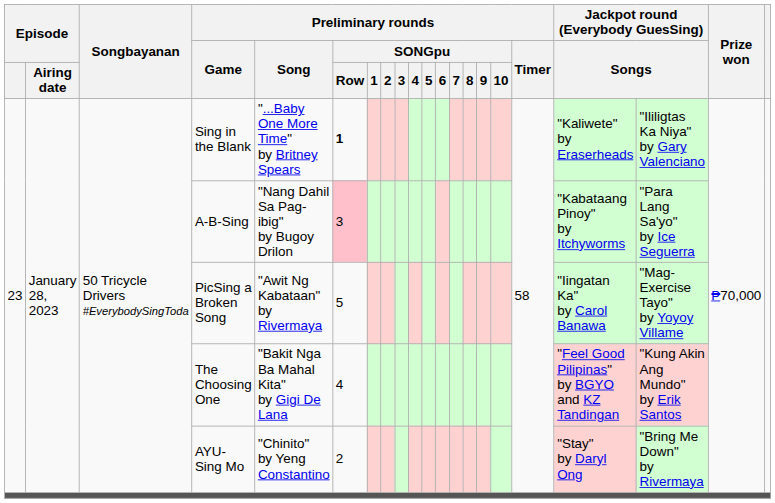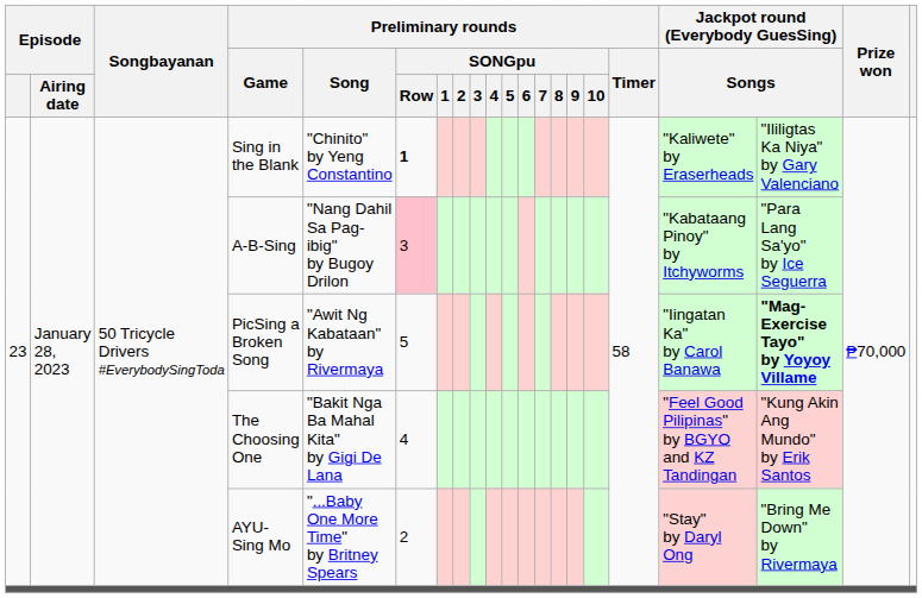 <table class="wikitable plainrowheaders mw-collapsible ">
 <tr>
 <th colspan="2" rowspan="2">Episode</th>
 <th rowspan="3">Songbayanan</th>
 <th colspan="14">Preliminary rounds</th>
 <th colspan="2">Jackpot round<br>(Everybody GuesSing)</th>
 <th rowspan="3">Prize won</th>
 <th rowspan="3"></th>
 </tr>
 <tr>
 <th rowspan="2">Game</th>
 <th rowspan="2">Song</th>
 <th colspan="11">SONGpu</th>
 <th rowspan="2">Timer</th>
 <th colspan="2" rowspan="2">Songs</th>
 </tr>
 <tr>
 <th></th>
 <th>Airing date</th>
 <th>Row</th>
 <th>1</th>
 <th>2</th>
 <th>3</th>
 <th>4</th>
 <th>5</th>
 <th>6</th>
 <th>7</th>
 <th>8</th>
 <th>9</th>
 <th>10</th>
 </tr>
 <tr>
 <td rowspan="5">23</td>
 <td rowspan="5">January 28, 2023</td>
 <td rowspan="5">50 Tricycle Drivers<br><small><em>#EverybodySingToda</em></small></td>
 <td>Sing in the Blank</td>
-<td>"<a href='#'>...Baby One More Time</a>"<br>by <a href='#'>Britney Spears</a></td>
+<td>"Chinito"<br>by Yeng <a href='#'>Constantino</a></td>
 <td><strong>1</strong></td>
 <td style="background:#FFD2D2"></td>
 <td style="background:#FFD2D2"></td>
 <td style="background:#FFD2D2"></td>
 <td style="background:#D2FFD2"></td>
 <td style="background:#D2FFD2"></td>
 <td style="background:#D2FFD2"></td>
 <td style="background:#FFD2D2"></td>
 <td style="background:#FFD2D2"></td>
 <td style="background:#FFD2D2"></td>
 <td style="background:#FFD2D2"></td>
 <td rowspan="5">58 </td>
 <td style="background:#D2FFD2">"Kaliwete"<br>by <a href='#'>Eraserheads</a></td>
 <td style="background:#D2FFD2">"Ililigtas Ka Niya"<br>by <a href='#'>Gary Valenciano</a></td>
 <td rowspan="5"><a href='#'>₱</a>70,000</td>
 <td rowspan="5"></td>
 </tr>
 <tr>
 <td>A-B-Sing</td>
 <td>"Nang Dahil Sa Pag-ibig"<br>by Bugoy Drilon</td>
 <td style="background: pink;">3</td>
 <td style="background:#D2FFD2"></td>
 <td style="background:#D2FFD2"></td>
 <td style="background:#D2FFD2"></td>
 <td style="background:#D2FFD2"></td>
 <td style="background:#D2FFD2"></td>
 <td style="background:#FFD2D2"></td>
 <td style="background:#D2FFD2"></td>
 <td style="background:#D2FFD2"></td>
 <td style="background:#D2FFD2"></td>
 <td style="background:#D2FFD2"></td>
 <td style="background:#D2FFD2">"Kabataang Pinoy"<br>by <a href='#'>Itchyworms</a></td>
 <td style="background:#D2FFD2">"Para Lang Sa'yo"<br>by <a href='#'>Ice Seguerra</a></td>
 </tr>
 <tr>
 <td>PicSing a Broken Song</td>
 <td>"Awit Ng Kabataan"<br>by <a href='#'>Rivermaya</a></td>
 <td>5</td>
 <td style="background:#FFD2D2"></td>
 <td style="background:#FFD2D2"></td>
 <td style="background:#D2FFD2"></td>
 <td style="background:#FFD2D2"></td>
 <td style="background:#D2FFD2"></td>
 <td style="background:#FFD2D2"></td>
 <td style="background:#D2FFD2"></td>
 <td style="background:#FFD2D2"></td>
 <td style="background:#FFD2D2"></td>
 <td style="background:#FFD2D2"></td>
 <td style="background:#D2FFD2">"Iingatan Ka"<br>by <a href='#'>Carol Banawa</a></td>
-<td style="background:#D2FFD2">"Mag-Exercise Tayo"<br>by <a href='#'>Yoyoy Villame</a></td>
+<td style="background:#D2FFD2"><strong>"Mag-Exercise Tayo"<br>by <a href='#'>Yoyoy Villame</a></strong></td>
 </tr>
 <tr>
 <td>The Choosing One</td>
 <td>"Bakit Nga Ba Mahal Kita"<br>by <a href='#'>Gigi De Lana</a></td>
 <td>4</td>
 <td style="background:#D2FFD2"></td>
 <td style="background:#D2FFD2"></td>
 <td style="background:#D2FFD2"></td>
 <td style="background:#D2FFD2"></td>
 <td style="background:#D2FFD2"></td>
 <td style="background:#D2FFD2"></td>
 <td style="background:#D2FFD2"></td>
 <td style="background:#D2FFD2"></td>
 <td style="background:#D2FFD2"></td>
 <td style="background:#D2FFD2"></td>
 <td style="background:#FFD2D2">"<a href='#'>Feel Good Pilipinas</a>"<br>by <a href='#'>BGYO</a> <br>and <a href='#'>KZ Tandingan</a></td>
 <td style="background:#FFD2D2">"Kung Akin Ang Mundo"<br>by <a href='#'>Erik Santos</a></td>
 </tr>
 <tr>
 <td>AYU-Sing Mo</td>
-<td>"Chinito"<br>by Yeng <a href='#'>Constantino</a></td>
+<td>"<a href='#'>...Baby One More Time</a>"<br>by <a href='#'>Britney Spears</a></td>
 <td>2</td>
 <td style="background:#FFD2D2"></td>
 <td style="background:#FFD2D2"></td>
 <td style="background:#D2FFD2"></td>
 <td style="background:#FFD2D2"></td>
 <td style="background:#FFD2D2"></td>
 <td style="background:#FFD2D2"></td>
 <td style="background:#FFD2D2"></td>
 <td style="background:#FFD2D2"></td>
 <td style="background:#FFD2D2"></td>
 <td style="background:#D2FFD2"></td>
 <td style="background:#FFD2D2">"Stay"<br>by <a href='#'>Daryl Ong</a></td>
 <td style="background:#D2FFD2">"Bring Me Down"<br>by <a href='#'>Rivermaya</a></td>
 </tr>
 <tr>
 <th colspan="21" style="background:#555;"></th>
 </tr>
 <tr>
 </tr>
 </table>
